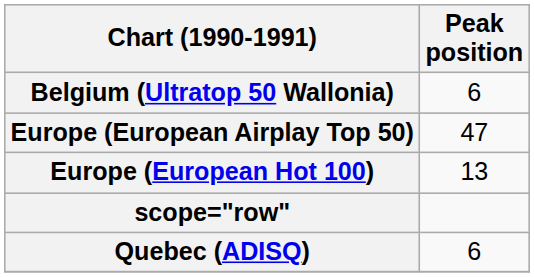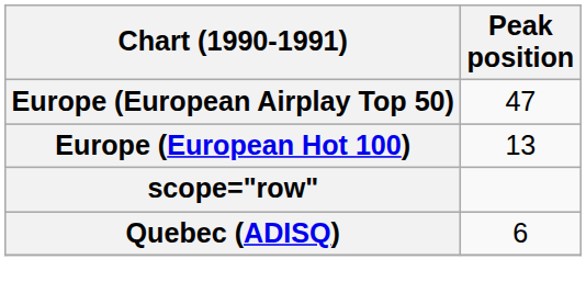 <table class="wikitable sortable plainrowheaders">
 <tr>
 <th>Chart (1990-1991)</th>
 <th>Peak<br>position</th>
-</tr>
-<tr>
-<th scope="row">Belgium (<a href='#'>Ultratop 50</a> Wallonia)</th>
-<td align="center">6</td>
 </tr>
 <tr>
 <th scope="row">Europe (European Airplay Top 50)</th>
 <td align="center">47</td>
 </tr>
 <tr>
 <th scope="row">Europe (<a href='#'>European Hot 100</a>)</th>
 <td align="center">13</td>
 </tr>
 <tr>
 <th>scope="row"</th>
 </tr>
 <tr>
 <th scope="row">Quebec (<a href='#'>ADISQ</a>)</th>
 <td align="center">6</td>
 </tr>
 <tr>
 </tr>
 </table>
